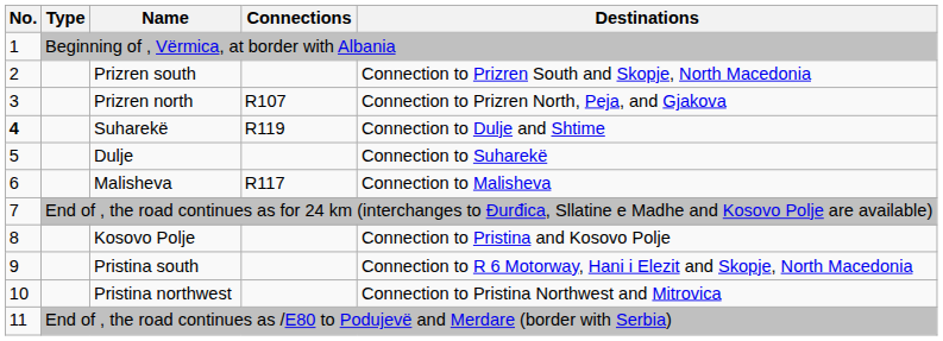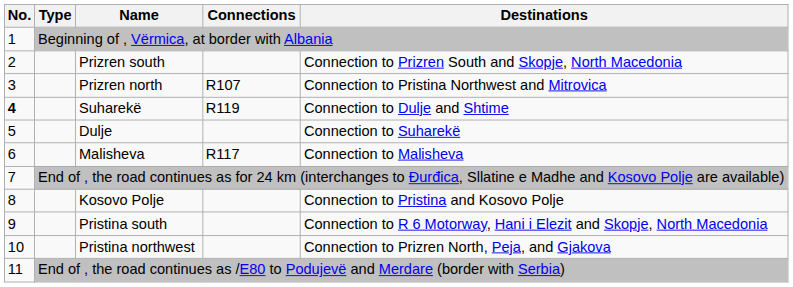 <table class="wikitable">
 <tr>
 <th>No.</th>
 <th scope="col">Type</th>
 <th scope="col">Name</th>
 <th scope="col">Connections</th>
 <th scope="col">Destinations</th>
 </tr>
 <tr>
 <td>1</td>
 <td colspan ="4" bgcolor=#C0C0C0>Beginning of , <a href='#'>Vërmica</a>, at  border with  <a href='#'>Albania</a></td>
 </tr>
 <tr>
 <td>2</td>
 <td align=center></td>
 <td>Prizren south</td>
 <td></td>
 <td>Connection to <a href='#'>Prizren</a> South and <a href='#'>Skopje</a>,  <a href='#'>North Macedonia</a></td>
 </tr>
 <tr>
 <td>3</td>
 <td align=center></td>
 <td>Prizren north</td>
 <td>R107</td>
-<td>Connection to Prizren North, <a href='#'>Peja</a>, and <a href='#'>Gjakova</a></td>
+<td>Connection to Pristina Northwest and <a href='#'>Mitrovica</a></td>
 </tr>
 <tr>
 <td><strong>4</strong></td>
 <td align=center></td>
 <td>Suharekë</td>
 <td>R119</td>
 <td>Connection to <a href='#'>Dulje</a> and <a href='#'>Shtime</a></td>
 </tr>
 <tr>
 <td>5</td>
 <td align=center></td>
 <td>Dulje</td>
 <td></td>
 <td>Connection to <a href='#'>Suharekë</a></td>
 </tr>
 <tr>
 <td>6</td>
 <td align=center></td>
 <td>Malisheva</td>
 <td>R117</td>
 <td>Connection to <a href='#'>Malisheva</a></td>
 </tr>
 <tr>
 <td>7</td>
 <td colspan="4" bgcolor="#C0C0C0">End of , the road continues as  for 24 km (interchanges to <a href='#'>Ðurđica</a>, Sllatine e Madhe and <a href='#'>Kosovo Polje</a> are available)</td>
 </tr>
 <tr>
 <td>8</td>
 <td align=center></td>
 <td>Kosovo Polje</td>
 <td></td>
 <td>Connection to <a href='#'>Pristina</a> and Kosovo Polje</td>
 </tr>
 <tr>
 <td>9</td>
 <td align=center></td>
 <td>Pristina south</td>
 <td></td>
 <td>Connection to <a href='#'>R 6 Motorway</a>, <a href='#'>Hani i Elezit</a> and <a href='#'>Skopje</a>,  <a href='#'>North Macedonia</a></td>
 </tr>
 <tr>
 <td>10</td>
 <td align=center></td>
 <td>Pristina northwest</td>
 <td></td>
-<td>Connection to Pristina Northwest and <a href='#'>Mitrovica</a></td>
+<td>Connection to Prizren North, <a href='#'>Peja</a>, and <a href='#'>Gjakova</a></td>
 </tr>
 <tr>
 <td>11</td>
 <td colspan="4" bgcolor="#C0C0C0">End of , the road continues as /<a href='#'>E80</a> to <a href='#'>Podujevë</a> and <a href='#'>Merdare</a> (border with <a href='#'>Serbia</a>)</td>
 </tr>
 </table>
